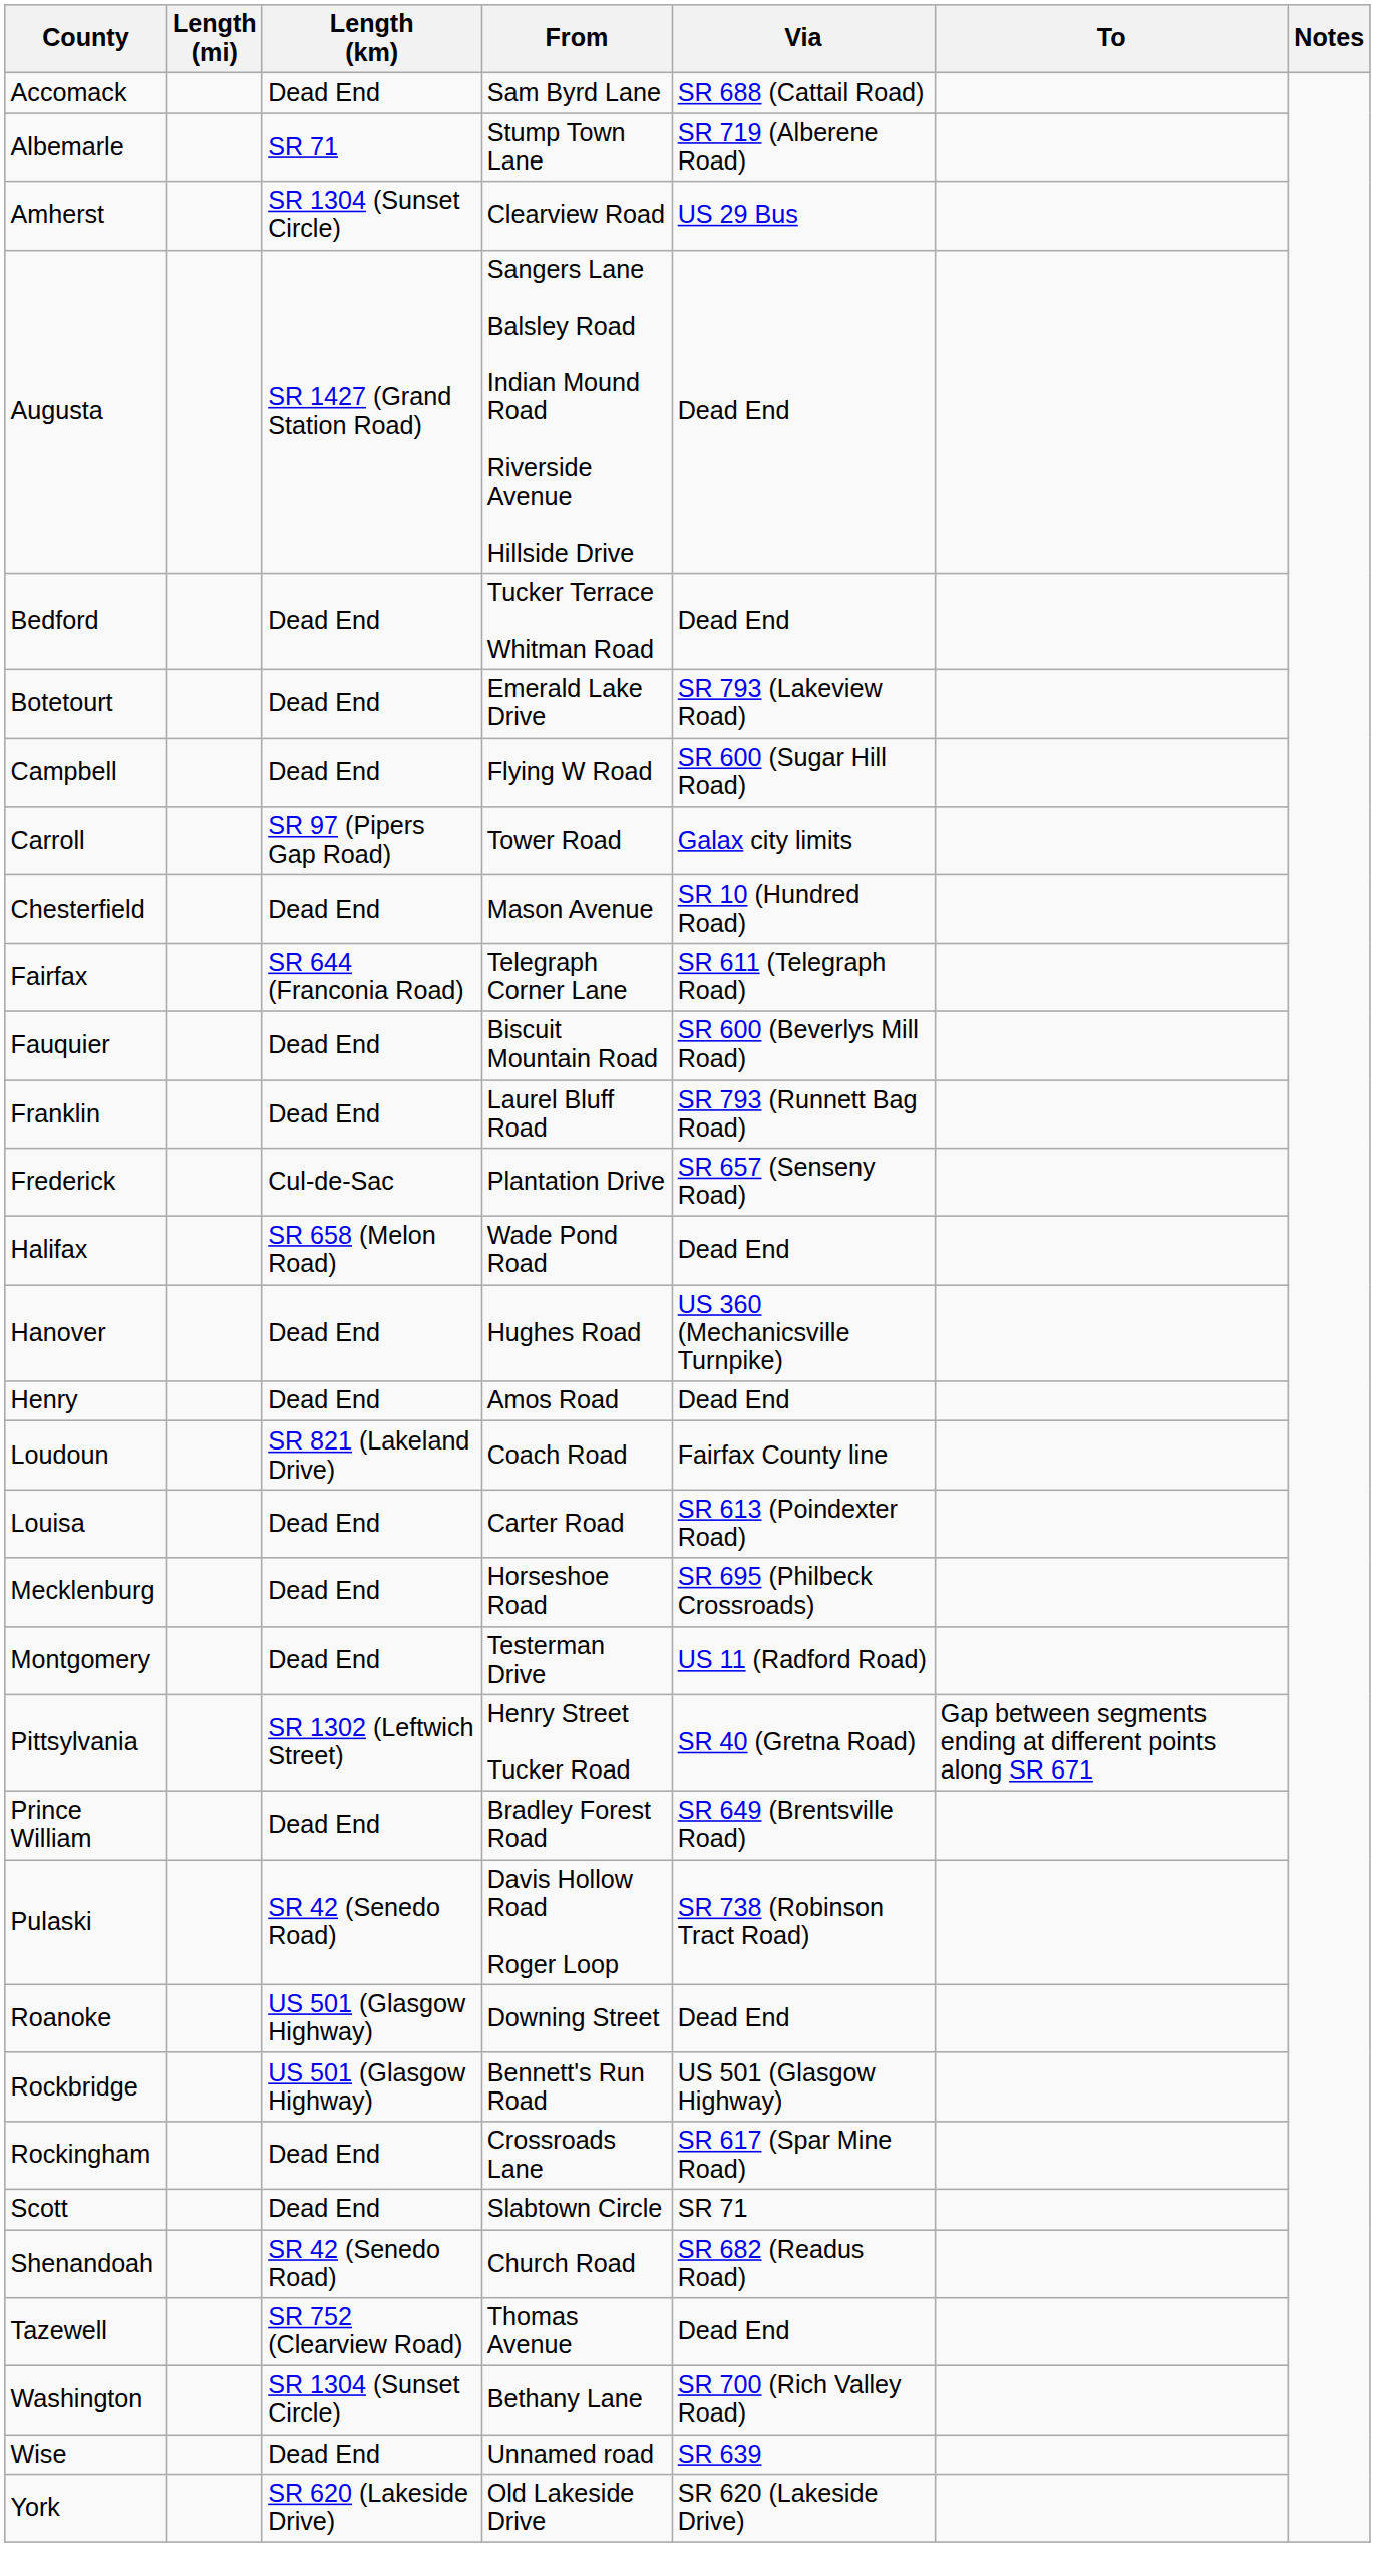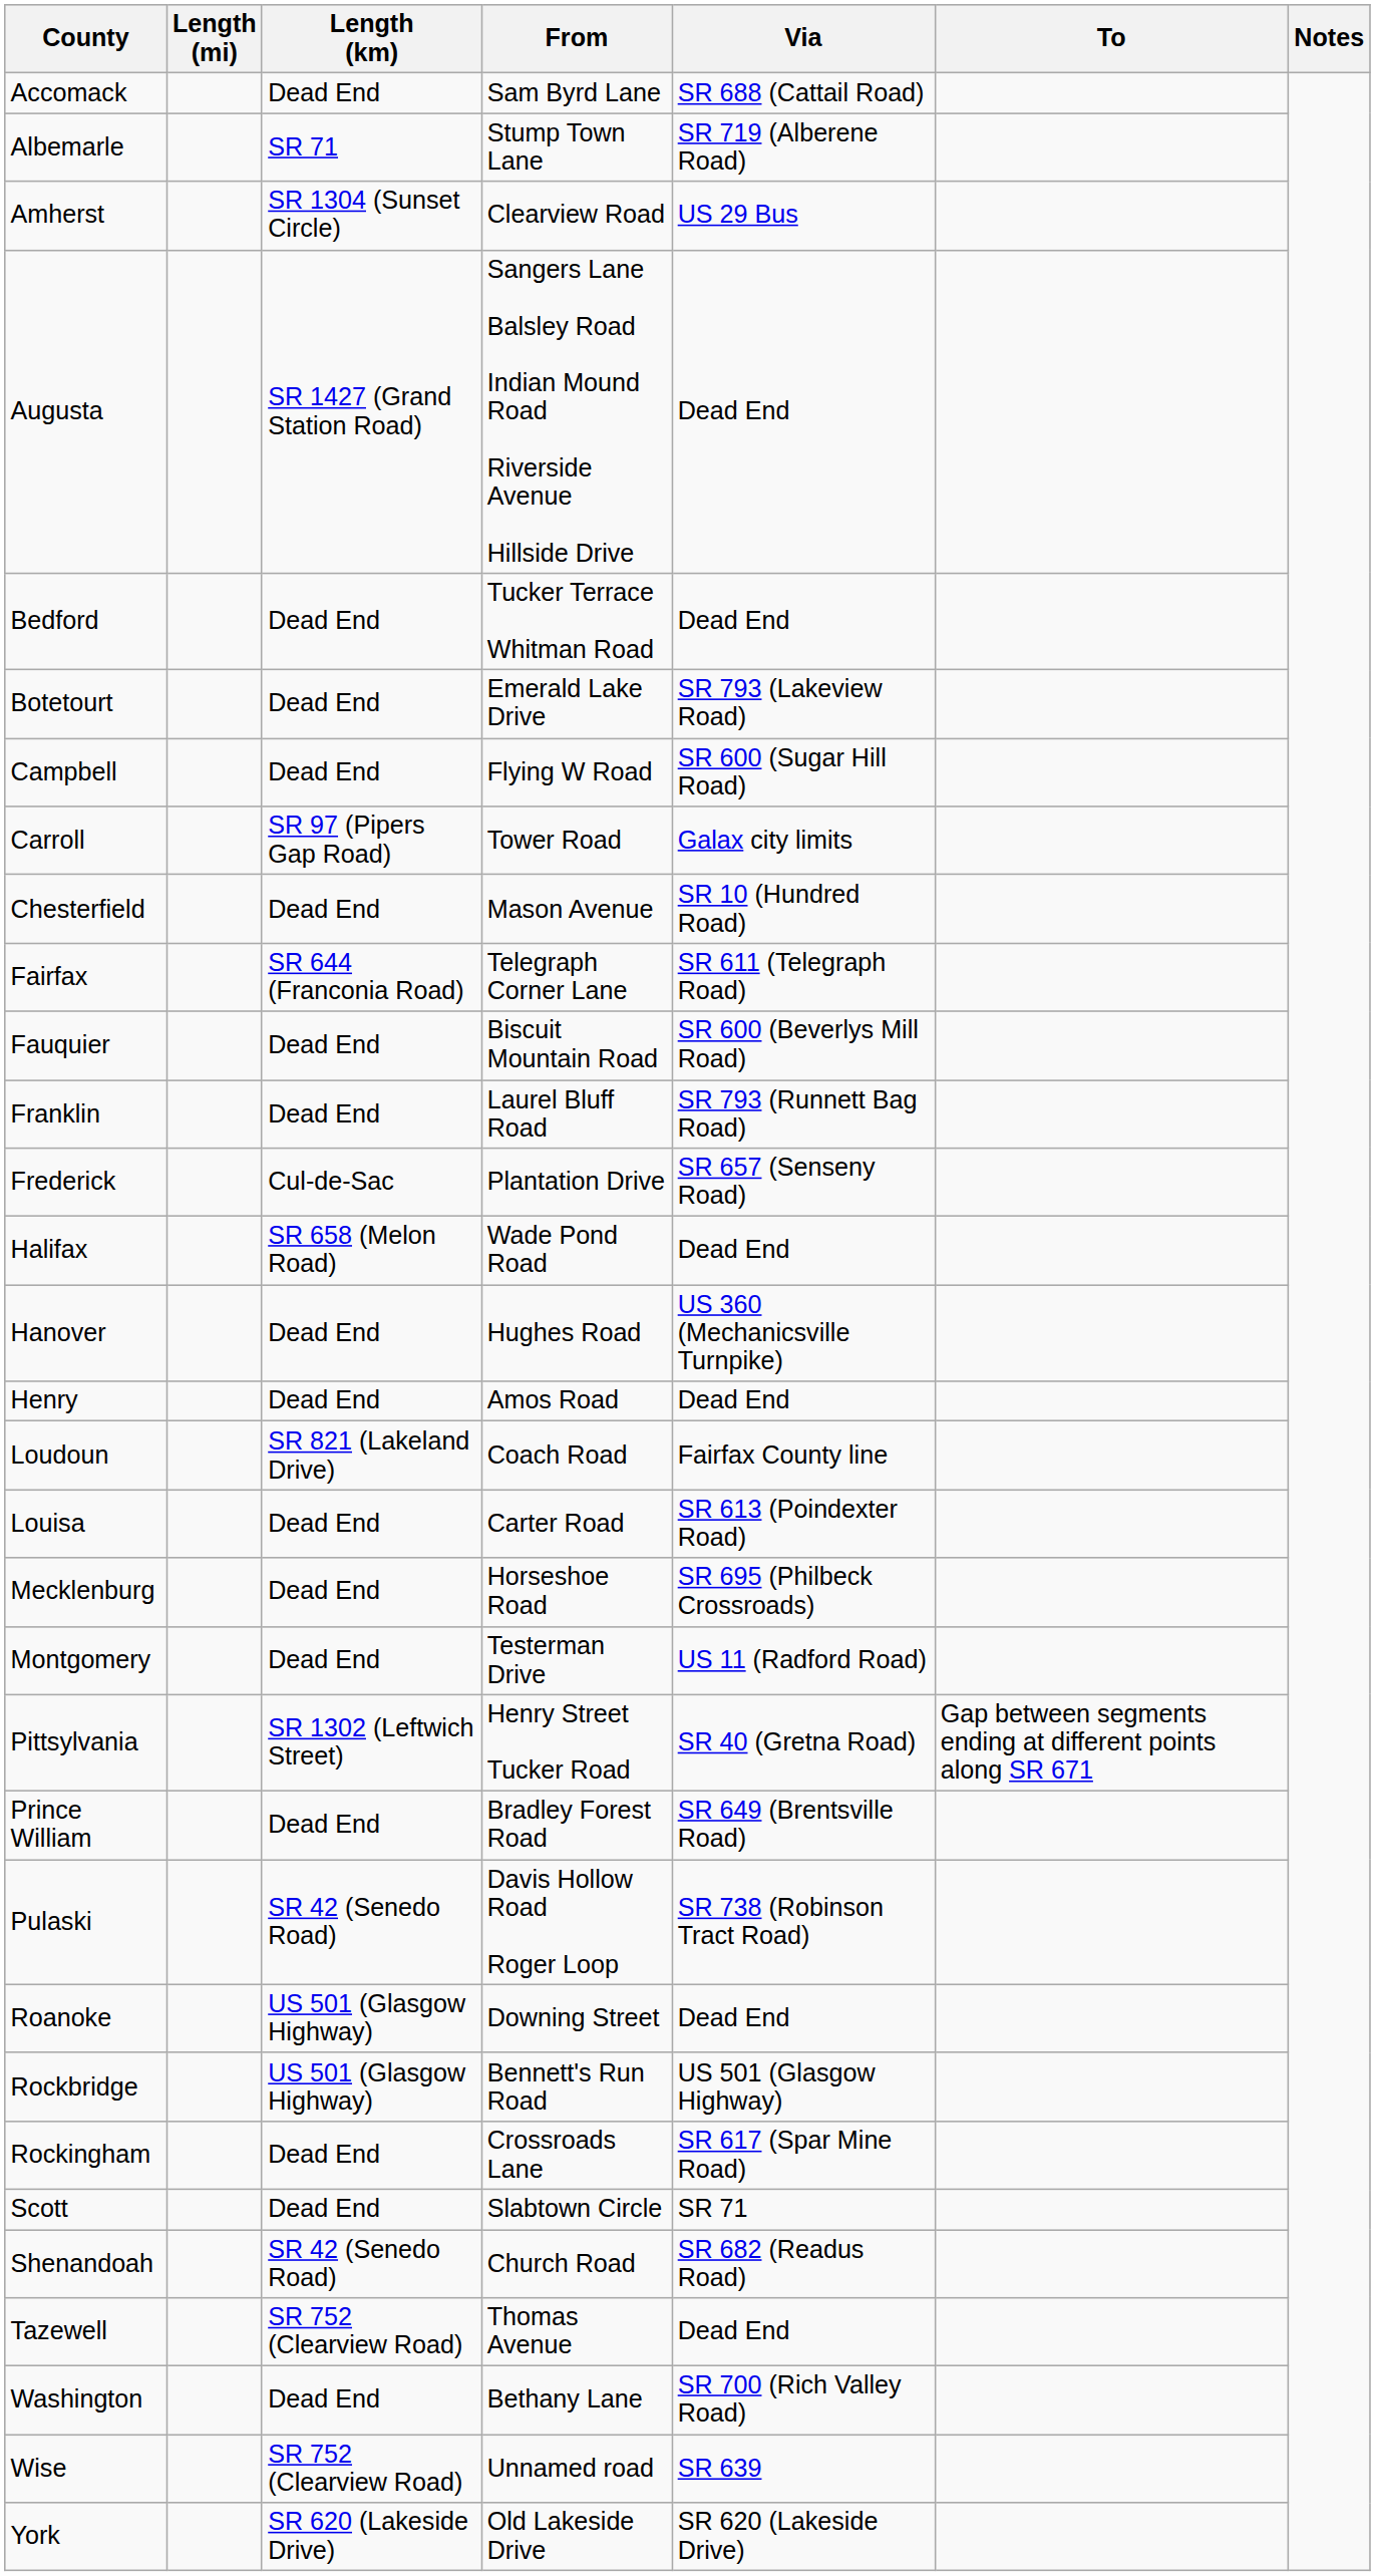 <table class="wikitable sortable">
 <tr>
 <th>County</th>
 <th>Length<br>(mi)</th>
 <th>Length<br>(km)</th>
 <th class="unsortable">From</th>
 <th class="unsortable">Via</th>
 <th class="unsortable">To</th>
 <th class="unsortable">Notes</th>
 </tr>
 <tr>
 <td id="Accomack">Accomack</td>
 <td></td>
 <td>Dead End</td>
 <td>Sam Byrd Lane</td>
 <td><a href='#'>SR 688</a> (Cattail Road)</td>
 <td></td>
 </tr>
 <tr>
 <td id="Albemarle">Albemarle</td>
 <td></td>
 <td><a href='#'>SR 71</a></td>
 <td>Stump Town Lane</td>
 <td><a href='#'>SR 719</a> (Alberene Road)</td>
 <td><br> </td>
 </tr>
 <tr>
 <td id="Amherst">Amherst</td>
 <td></td>
 <td><a href='#'>SR 1304</a> (Sunset Circle)</td>
 <td>Clearview Road</td>
 <td><a href='#'>US 29 Bus</a></td>
 <td><br> </td>
 </tr>
 <tr>
 <td id="Augusta">Augusta</td>
 <td></td>
 <td><a href='#'>SR 1427</a> (Grand Station Road)</td>
 <td>Sangers Lane<br><br>Balsley Road<br><br>Indian Mound Road<br><br>Riverside Avenue<br><br>Hillside Drive</td>
 <td>Dead End</td>
 <td><br></td>
 </tr>
 <tr>
 <td id="Bedford">Bedford</td>
 <td></td>
 <td>Dead End</td>
 <td>Tucker Terrace<br><br>Whitman Road</td>
 <td>Dead End</td>
 <td><br></td>
 </tr>
 <tr>
 <td id="Botetourt">Botetourt</td>
 <td></td>
 <td>Dead End</td>
 <td>Emerald Lake Drive</td>
 <td><a href='#'>SR 793</a> (Lakeview Road)</td>
 <td><br>  </td>
 </tr>
 <tr>
 <td id="Campbell">Campbell</td>
 <td></td>
 <td>Dead End</td>
 <td>Flying W Road</td>
 <td><a href='#'>SR 600</a> (Sugar Hill Road)</td>
 <td><br></td>
 </tr>
 <tr>
 <td id="Carroll">Carroll</td>
 <td></td>
 <td><a href='#'>SR 97</a> (Pipers Gap Road)</td>
 <td>Tower Road</td>
 <td><a href='#'>Galax</a> city limits</td>
 <td><br> </td>
 </tr>
 <tr>
 <td id="Chesterfield">Chesterfield</td>
 <td></td>
 <td>Dead End</td>
 <td>Mason Avenue</td>
 <td><a href='#'>SR 10</a> (Hundred Road)</td>
 <td><br>      </td>
 </tr>
 <tr>
 <td id="Fairfax">Fairfax</td>
 <td></td>
 <td><a href='#'>SR 644</a> (Franconia Road)</td>
 <td>Telegraph Corner Lane</td>
 <td><a href='#'>SR 611</a> (Telegraph Road)</td>
 <td></td>
 </tr>
 <tr>
 <td id="Fauquier">Fauquier</td>
 <td></td>
 <td>Dead End</td>
 <td>Biscuit Mountain Road</td>
 <td><a href='#'>SR 600</a> (Beverlys Mill Road)</td>
 <td><br> </td>
 </tr>
 <tr>
 <td id="Franklin">Franklin</td>
 <td></td>
 <td>Dead End</td>
 <td>Laurel Bluff Road</td>
 <td><a href='#'>SR 793</a> (Runnett Bag Road)</td>
 <td></td>
 </tr>
 <tr>
 <td id="Frederick">Frederick</td>
 <td></td>
 <td>Cul-de-Sac</td>
 <td>Plantation Drive</td>
 <td><a href='#'>SR 657</a> (Senseny Road)</td>
 <td><br>     </td>
 </tr>
 <tr>
 <td id="Halifax">Halifax</td>
 <td></td>
 <td><a href='#'>SR 658</a> (Melon Road)</td>
 <td>Wade Pond Road</td>
 <td>Dead End</td>
 <td></td>
 </tr>
 <tr>
 <td id="Hanover">Hanover</td>
 <td></td>
 <td>Dead End</td>
 <td>Hughes Road</td>
 <td><a href='#'>US 360</a> (Mechanicsville Turnpike)</td>
 <td><br></td>
 </tr>
 <tr>
 <td id="Henry">Henry</td>
 <td></td>
 <td>Dead End</td>
 <td>Amos Road</td>
 <td>Dead End</td>
 <td><br>       </td>
 </tr>
 <tr>
 <td id="Loudoun">Loudoun</td>
 <td></td>
 <td><a href='#'>SR 821</a> (Lakeland Drive)</td>
 <td>Coach Road</td>
 <td>Fairfax County line</td>
 <td></td>
 </tr>
 <tr>
 <td id="Louisa">Louisa</td>
 <td></td>
 <td>Dead End</td>
 <td>Carter Road</td>
 <td><a href='#'>SR 613</a> (Poindexter Road)</td>
 <td><br>  </td>
 </tr>
 <tr>
 <td id="Mecklenburg">Mecklenburg</td>
 <td></td>
 <td>Dead End</td>
 <td>Horseshoe Road</td>
 <td><a href='#'>SR 695</a> (Philbeck Crossroads)</td>
 <td><br></td>
 </tr>
 <tr>
 <td id="Montgomery">Montgomery</td>
 <td></td>
 <td>Dead End</td>
 <td>Testerman Drive</td>
 <td><a href='#'>US 11</a> (Radford Road)</td>
 <td><br>       </td>
 </tr>
 <tr>
 <td id="Pittsylvania">Pittsylvania</td>
 <td></td>
 <td><a href='#'>SR 1302</a> (Leftwich Street)</td>
 <td>Henry Street<br><br>Tucker Road</td>
 <td><a href='#'>SR 40</a> (Gretna Road)</td>
 <td>Gap between segments ending at different points along <a href='#'>SR 671</a><br>  </td>
 </tr>
 <tr>
 <td id="Prince William">Prince William</td>
 <td></td>
 <td>Dead End</td>
 <td>Bradley Forest Road</td>
 <td><a href='#'>SR 649</a> (Brentsville Road)</td>
 <td></td>
 </tr>
 <tr>
 <td id="Pulaski">Pulaski</td>
 <td></td>
 <td><a href='#'>SR 42</a> (Senedo Road)</td>
 <td>Davis Hollow Road<br><br>Roger Loop</td>
 <td><a href='#'>SR 738</a> (Robinson Tract Road)</td>
 <td><br> </td>
 </tr>
 <tr>
 <td id="Roanoke">Roanoke</td>
 <td></td>
 <td><a href='#'>US 501</a> (Glasgow Highway)</td>
 <td>Downing Street</td>
 <td>Dead End</td>
 <td></td>
 </tr>
 <tr>
 <td id="Rockbridge">Rockbridge</td>
 <td></td>
 <td><a href='#'>US 501</a> (Glasgow Highway)</td>
 <td>Bennett's Run Road</td>
 <td>US 501 (Glasgow Highway)</td>
 <td></td>
 </tr>
 <tr>
 <td id="Rockingham">Rockingham</td>
 <td></td>
 <td>Dead End</td>
 <td>Crossroads Lane</td>
 <td><a href='#'>SR 617</a> (Spar Mine Road)</td>
 <td><br></td>
 </tr>
 <tr>
 <td id="Scott">Scott</td>
 <td></td>
 <td>Dead End</td>
 <td>Slabtown Circle</td>
 <td>SR 71</td>
 <td></td>
 </tr>
 <tr>
 <td id="Shenandoah">Shenandoah</td>
 <td></td>
 <td><a href='#'>SR 42</a> (Senedo Road)</td>
 <td>Church Road</td>
 <td><a href='#'>SR 682</a> (Readus Road)</td>
 <td><br>     </td>
 </tr>
 <tr>
 <td id="Tazewell">Tazewell</td>
 <td></td>
 <td><a href='#'>SR 752</a> (Clearview Road)</td>
 <td>Thomas Avenue</td>
 <td>Dead End</td>
 <td><br></td>
 </tr>
 <tr>
 <td id="Washington">Washington</td>
 <td></td>
-<td><a href='#'>SR 1304</a> (Sunset Circle)</td>
+<td>Dead End</td>
 <td>Bethany Lane</td>
 <td><a href='#'>SR 700</a> (Rich Valley Road)</td>
 <td><br></td>
 </tr>
 <tr>
 <td id="Wise">Wise</td>
 <td></td>
-<td>Dead End</td>
+<td><a href='#'>SR 752</a> (Clearview Road)</td>
 <td>Unnamed road</td>
 <td><a href='#'>SR 639</a></td>
 <td><br></td>
 </tr>
 <tr>
 <td id="York">York</td>
 <td></td>
 <td><a href='#'>SR 620</a> (Lakeside Drive)</td>
 <td>Old Lakeside Drive</td>
 <td>SR 620 (Lakeside Drive)</td>
 <td></td>
 </tr>
 </table>
